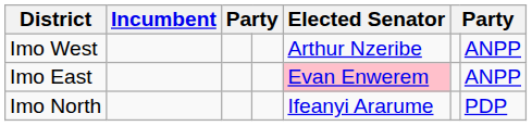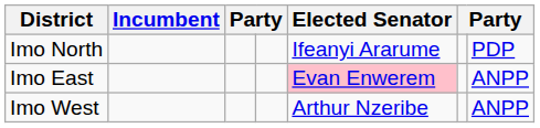 <table class="sortable wikitable" style="font-size:95%;line-height:14px;">
 <tr>
 <th class="unsortable">District</th>
 <th class="unsortable"><a href='#'>Incumbent</a></th>
 <th colspan="2">Party</th>
 <th class="unsortable">Elected Senator</th>
 <th colspan="2">Party</th>
 </tr>
 <tr>
-<td>Imo West</td>
+<td>Imo North</td>
 <td></td>
 <td></td>
 <td></td>
-<td><a href='#'>Arthur Nzeribe</a></td>
+<td><a href='#'>Ifeanyi Ararume</a></td>
 <td style="background:"></td>
-<td><a href='#'>ANPP</a></td>
+<td><a href='#'>PDP</a></td>
 </tr>
 <tr>
 <td>Imo East</td>
 <td></td>
 <td></td>
 <td></td>
 <td style="background: pink;"><a href='#'>Evan Enwerem</a></td>
 <td style="background:"></td>
 <td><a href='#'>ANPP</a></td>
 </tr>
 <tr>
-<td>Imo North</td>
+<td>Imo West</td>
 <td></td>
 <td></td>
 <td></td>
-<td><a href='#'>Ifeanyi Ararume</a></td>
+<td><a href='#'>Arthur Nzeribe</a></td>
 <td style="background:"></td>
-<td><a href='#'>PDP</a></td>
+<td><a href='#'>ANPP</a></td>
 </tr>
 </table>
